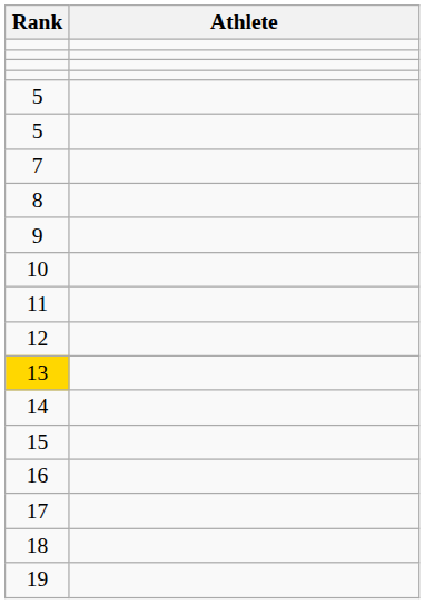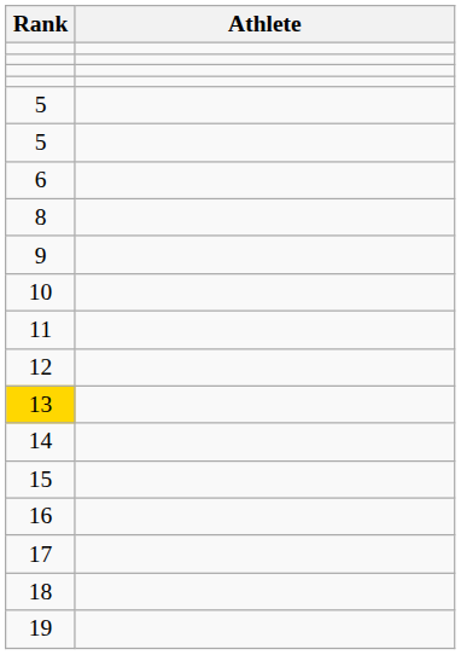 <table class="wikitable" style="text-align: center;">
 <tr>
 <th width=40>Rank</th>
 <th width=250>Athlete</th>
 </tr>
 <tr>
 <td></td>
 <td align="left"></td>
 </tr>
 <tr>
 <td></td>
 <td align="left"></td>
 </tr>
 <tr>
 <td></td>
 <td align="left"></td>
 </tr>
 <tr>
 <td></td>
 <td align="left"></td>
 </tr>
 <tr>
 <td>5</td>
 <td align="left"></td>
 </tr>
 <tr>
 <td>5</td>
 <td align="left"></td>
 </tr>
 <tr>
-<td>7</td>
+<td>6</td>
 <td align="left"></td>
 </tr>
 <tr>
 <td>8</td>
 <td align="left"></td>
 </tr>
 <tr>
 <td>9</td>
 <td align="left"></td>
 </tr>
 <tr>
 <td>10</td>
 <td align="left"></td>
 </tr>
 <tr>
 <td>11</td>
 <td align="left"></td>
 </tr>
 <tr>
 <td>12</td>
 <td align="left"></td>
 </tr>
 <tr>
 <td style="background: gold;">13</td>
 <td align="left"></td>
 </tr>
 <tr>
 <td>14</td>
 <td align="left"></td>
 </tr>
 <tr>
 <td>15</td>
 <td align="left"></td>
 </tr>
 <tr>
 <td>16</td>
 <td align="left"></td>
 </tr>
 <tr>
 <td>17</td>
 <td align="left"></td>
 </tr>
 <tr>
 <td>18</td>
 <td align="left"></td>
 </tr>
 <tr>
 <td>19</td>
 <td align="left"></td>
 </tr>
 </table>
